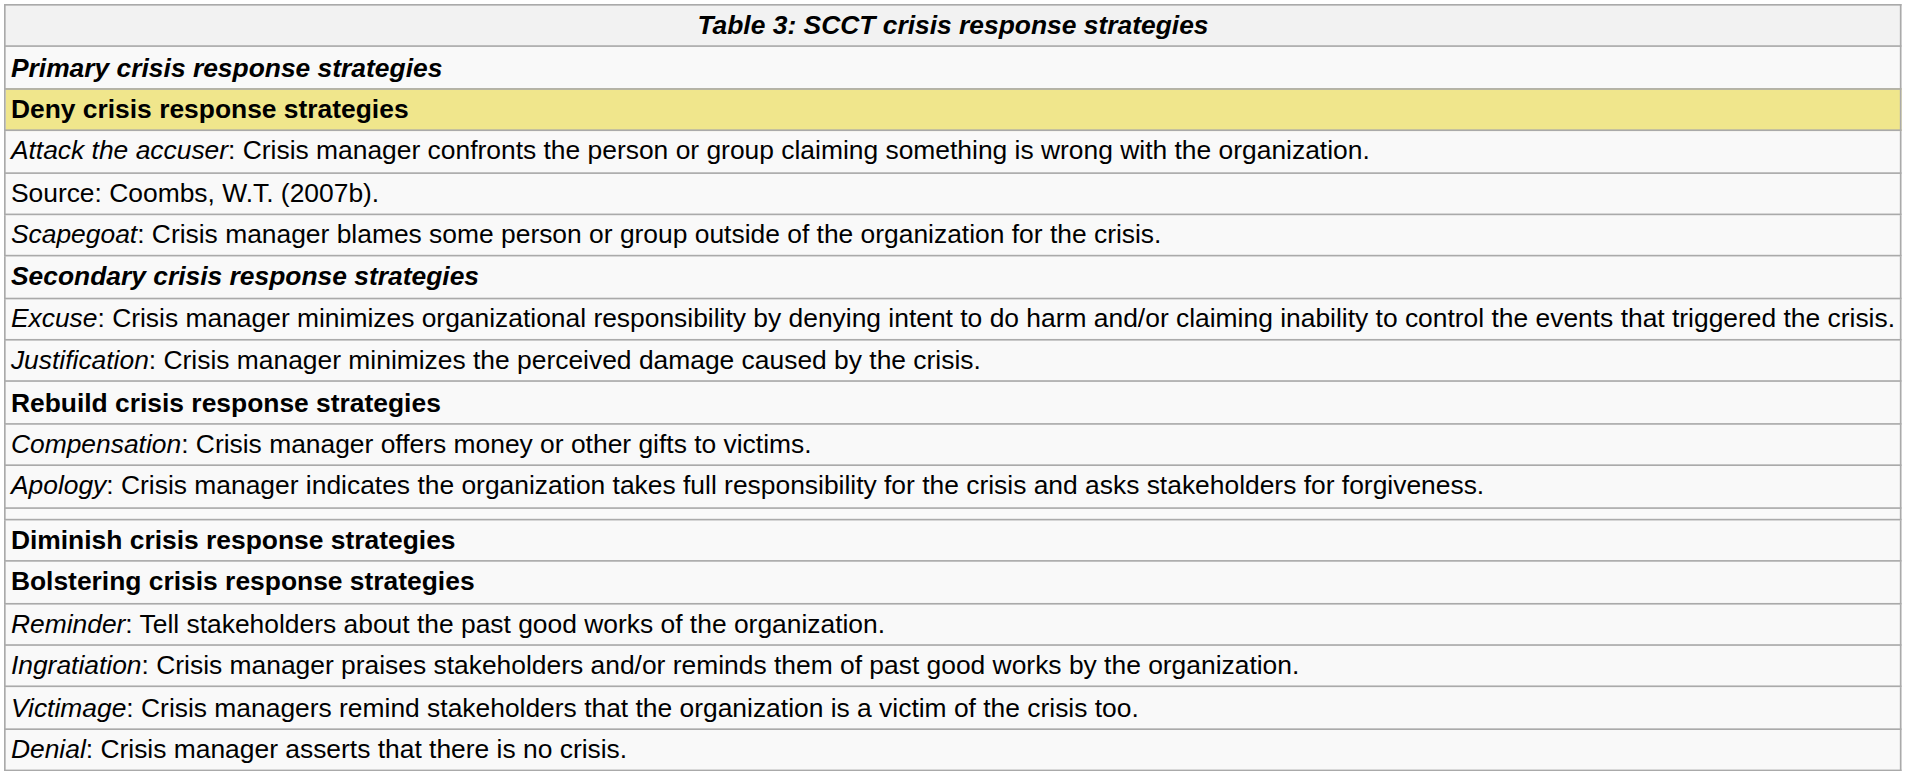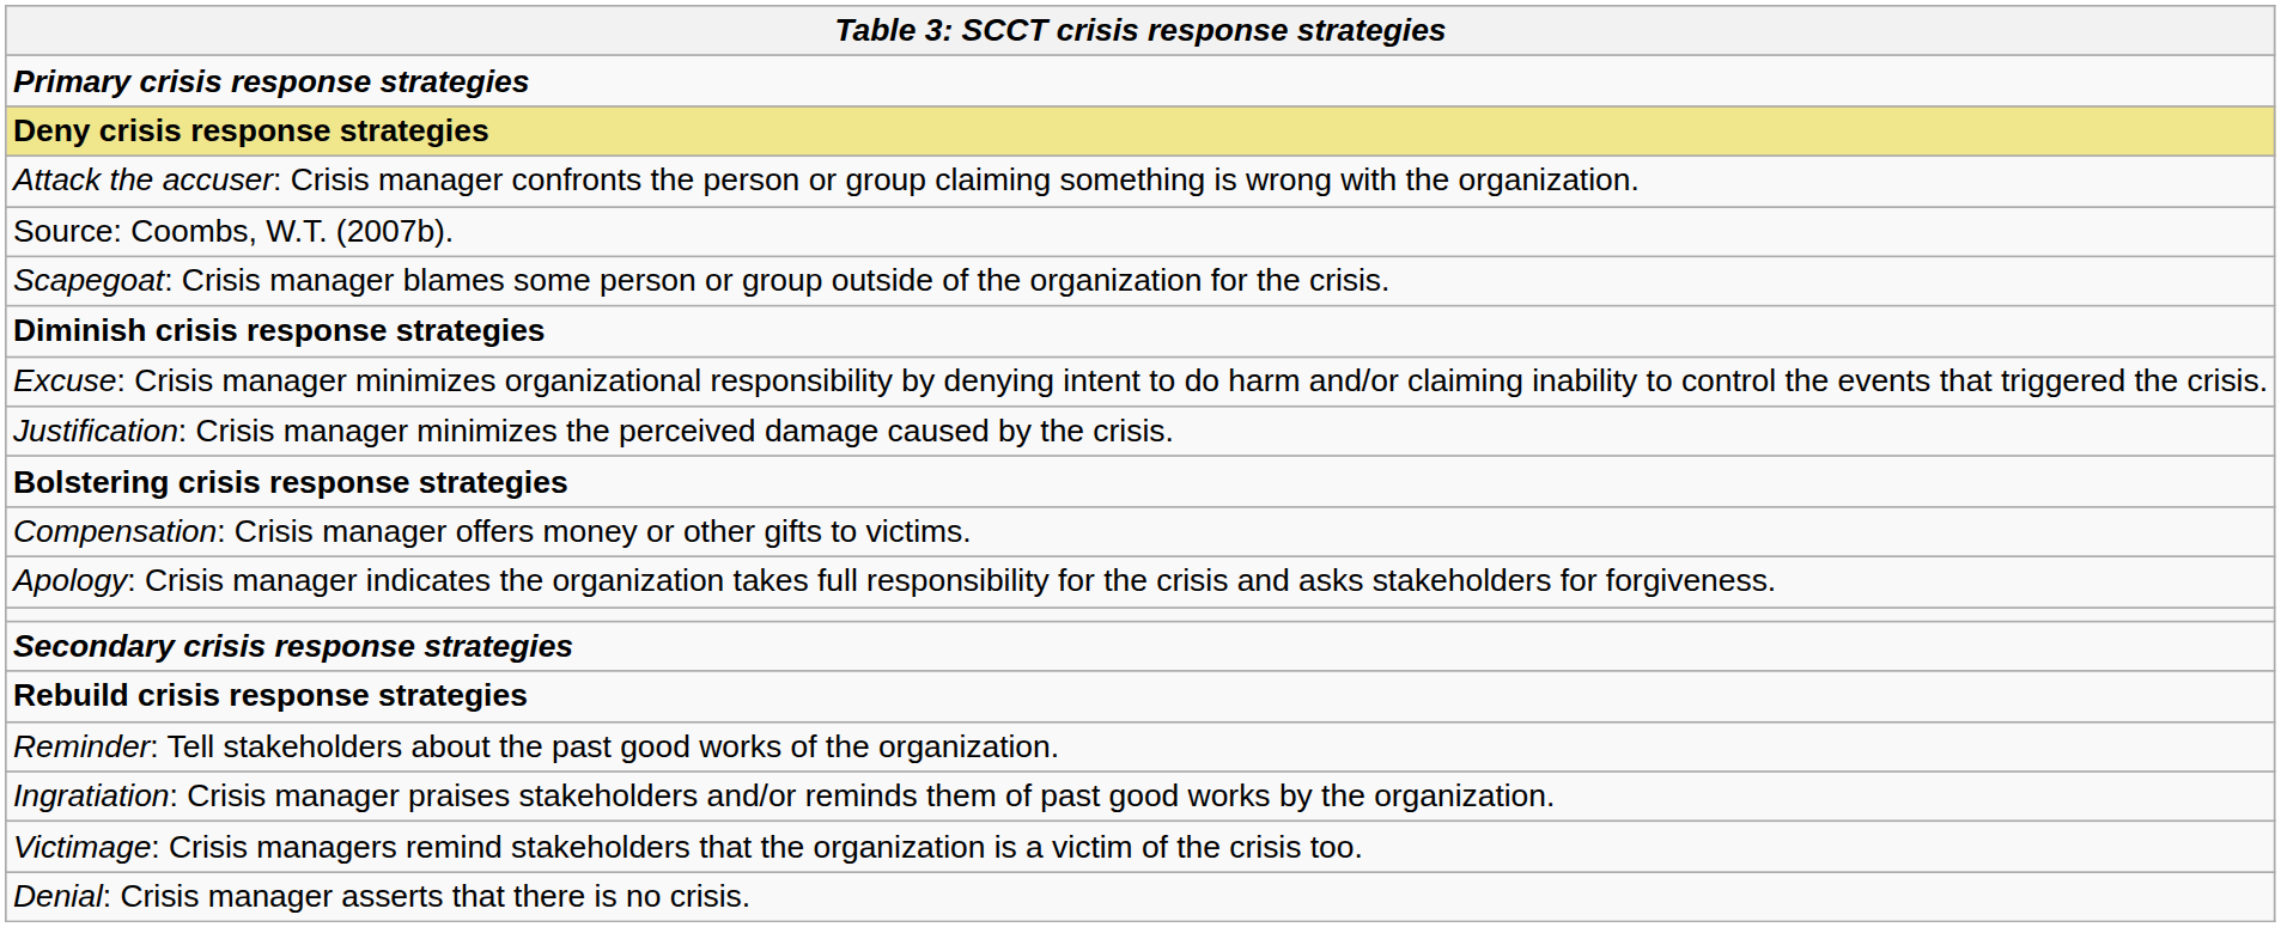 <table class="wikitable">
 <tr>
 <th><strong><em>Table 3: SCCT crisis response strategies</em></strong></th>
 </tr>
 <tr>
 <td><strong><em>Primary crisis response strategies</em></strong></td>
 </tr>
 <tr>
 <td style="background: khaki;"><strong>Deny crisis response strategies</strong></td>
 </tr>
 <tr>
 <td><em>Attack the accuser</em>: Crisis manager confronts the person or group claiming something is wrong with the organization.</td>
 </tr>
 <tr>
 <td>Source: Coombs, W.T. (2007b).</td>
 </tr>
 <tr>
 <td><em>Scapegoat</em>: Crisis manager blames some person or group outside of the organization for the crisis.</td>
 </tr>
 <tr>
-<td><strong><em>Secondary crisis response strategies</em></strong></td>
+<td><strong>Diminish crisis response strategies</strong></td>
 </tr>
 <tr>
 <td><em>Excuse</em>: Crisis manager minimizes organizational responsibility by denying intent to do harm and/or claiming inability to control the events that triggered the crisis.</td>
 </tr>
 <tr>
 <td><em>Justification</em>: Crisis manager minimizes the perceived damage caused by the crisis.</td>
 </tr>
 <tr>
-<td><strong>Rebuild crisis response strategies</strong></td>
+<td><strong>Bolstering crisis response strategies</strong></td>
 </tr>
 <tr>
 <td><em>Compensation</em>: Crisis manager offers money or other gifts to victims.</td>
 </tr>
 <tr>
 <td><em>Apology</em>: Crisis manager indicates the organization takes full responsibility for the crisis and asks stakeholders for forgiveness.</td>
 </tr>
 <tr>
 <td></td>
 </tr>
 <tr>
-<td><strong>Diminish crisis response strategies</strong></td>
+<td><strong><em>Secondary crisis response strategies</em></strong></td>
 </tr>
 <tr>
-<td><strong>Bolstering crisis response strategies</strong></td>
+<td><strong>Rebuild crisis response strategies</strong></td>
 </tr>
 <tr>
 <td><em>Reminder</em>: Tell stakeholders about the past good works of the organization.</td>
 </tr>
 <tr>
 <td><em>Ingratiation</em>: Crisis manager praises stakeholders and/or reminds them of past good works by the organization.</td>
 </tr>
 <tr>
 <td><em>Victimage</em>: Crisis managers remind stakeholders that the organization is a victim of the crisis too.</td>
 </tr>
 <tr>
 <td><em>Denial</em>: Crisis manager asserts that there is no crisis.</td>
 </tr>
 </table>
